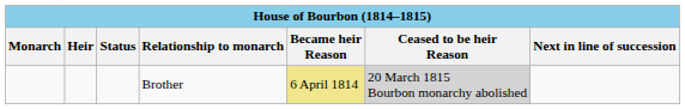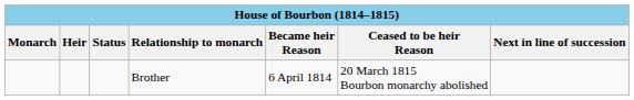 <table class="wikitable" style="font-size:95%">
 <tr>
 <th colspan="7" style="background: skyblue;">House of Bourbon (1814–1815)</th>
 </tr>
 <tr>
 <th>Monarch</th>
 <th>Heir</th>
 <th>Status</th>
 <th>Relationship to monarch</th>
 <th>Became heir<br>Reason</th>
 <th>Ceased to be heir<br>Reason</th>
 <th>Next in line of succession</th>
 </tr>
 <tr>
 <td></td>
 <td></td>
 <td></td>
 <td>Brother</td>
-<td style="background: khaki;">6 April 1814<br></td>
-<td style="background: lightgrey;">20 March 1815<br>Bourbon monarchy abolished </td>
+<td>6 April 1814<br></td>
+<td>20 March 1815<br>Bourbon monarchy abolished </td>
 <td></td>
 </tr>
 </table>
